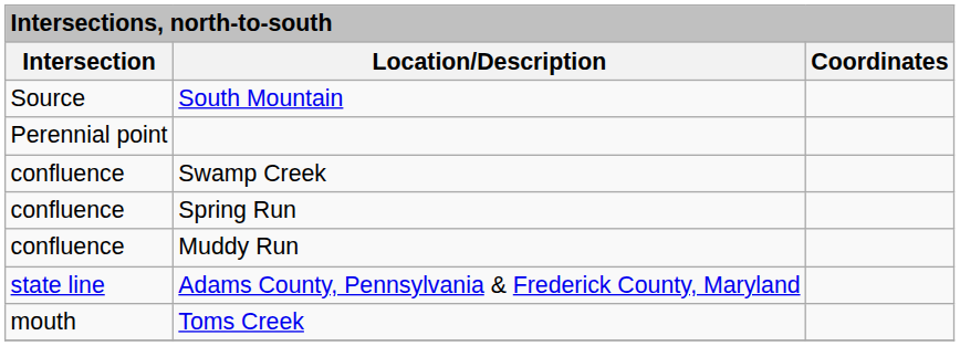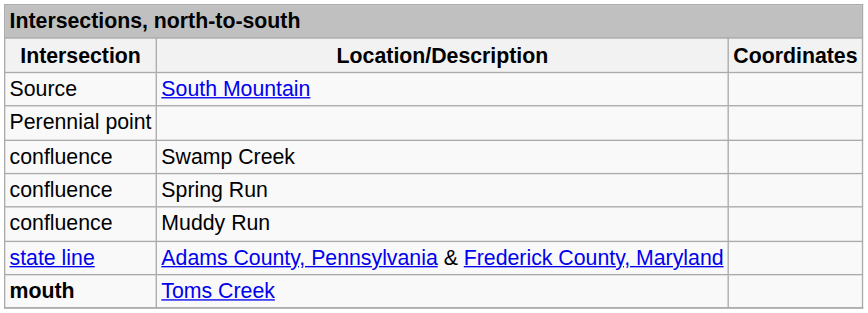 <table class="wikitable">
 <tr>
 <td colspan="6" bgcolor="silver"><strong>Intersections, north-to-south</strong></td>
 </tr>
 <tr>
 <th>Intersection</th>
 <th>Location/Description</th>
 <th>Coordinates</th>
 </tr>
 <tr>
 <td>Source</td>
 <td><a href='#'>South Mountain</a></td>
 <td></td>
 </tr>
 <tr>
 <td>Perennial point</td>
 <td></td>
 <td align=center><small></small></td>
 </tr>
 <tr>
 <td>confluence</td>
 <td>Swamp Creek</td>
 <td></td>
 </tr>
 <tr>
 <td>confluence</td>
 <td>Spring Run</td>
 <td></td>
 </tr>
 <tr>
 <td>confluence</td>
 <td>Muddy Run</td>
 <td></td>
 </tr>
 <tr>
 <td><a href='#'>state line</a></td>
 <td><a href='#'>Adams County, Pennsylvania</a> & <a href='#'>Frederick County, Maryland</a></td>
 <td></td>
 </tr>
 <tr>
-<td>mouth</td>
+<td><strong>mouth</strong></td>
 <td><a href='#'>Toms Creek</a></td>
 <td align=center></td>
 </tr>
 <tr>
 </tr>
 </table>
